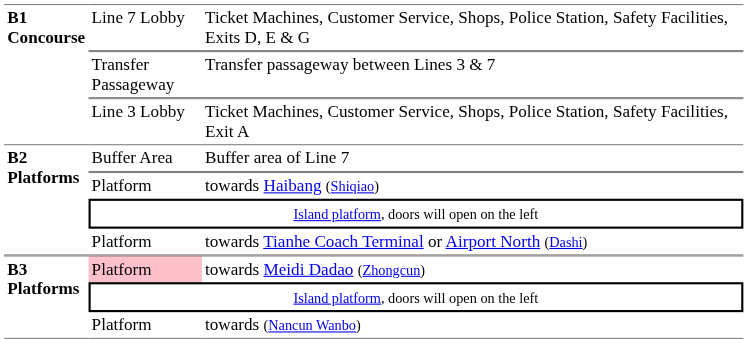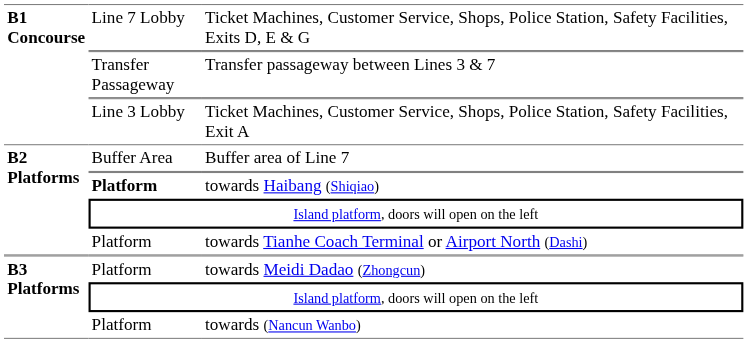 <table table border=0 cellspacing=0 cellpadding=3>
 <tr>
 <td style="border-bottom:solid 1px gray; border-top:solid 1px gray;" valign=top width=50 rowspan=3><strong>B1<br>Concourse</strong></td>
 <td style="border-bottom:solid 1px gray; border-top:solid 1px gray;" valign=top width=100>Line 7 Lobby</td>
 <td style="border-bottom:solid 1px gray; border-top:solid 1px gray;" valign=top width=500>Ticket Machines, Customer Service, Shops, Police Station, Safety Facilities, Exits D, E & G</td>
 </tr>
 <tr>
 <td style="border-bottom:solid 1px gray; border-top:solid 1px gray;" valign=top width=100>Transfer Passageway</td>
 <td style="border-bottom:solid 1px gray; border-top:solid 1px gray;" valign=top width=500>Transfer passageway between Lines 3 & 7</td>
 </tr>
 <tr>
 <td style="border-bottom:solid 1px gray; border-top:solid 1px gray;" valign=top width=100>Line 3 Lobby</td>
 <td style="border-bottom:solid 1px gray; border-top:solid 1px gray;" valign=top width=500>Ticket Machines, Customer Service, Shops, Police Station, Safety Facilities, Exit A</td>
 </tr>
 <tr>
 <td style="border-bottom:solid 1px gray;" valign=top width=50 rowspan=4><strong>B2<br>Platforms</strong></td>
 <td style="border-bottom:solid 1px gray;" valign=top width=100>Buffer Area</td>
 <td style="border-bottom:solid 1px gray;" valign=top width=500>Buffer area of Line 7</td>
 </tr>
 <tr>
-<td style="border-top:solid 1px gray;">Platform </td>
+<td style="border-top:solid 1px gray;"><strong>Platform </strong></td>
 <td style="border-top:solid 1px gray;">  towards <a href='#'>Haibang</a> <small>(<a href='#'>Shiqiao</a>)</small></td>
 </tr>
 <tr>
 <td style="border-right:solid 2px black;border-left:solid 2px black;border-top:solid 2px black;border-bottom:solid 2px black;text-align:center;" colspan=2><small><a href='#'>Island platform</a>, doors will open on the left</small></td>
 </tr>
 <tr>
 <td style="border-bottom:solid 1px gray;">Platform </td>
 <td style="border-bottom:solid 1px gray;"> towards <a href='#'>Tianhe Coach Terminal</a> or <a href='#'>Airport North</a> <small>(<a href='#'>Dashi</a>)</small> </td>
 </tr>
 <tr>
 <td style="border-bottom:solid 1px gray; border-top:solid 1px gray;" valign=top width=50 rowspan=3><strong>B3<br>Platforms</strong></td>
-<td style="background: pink; border-top:solid 1px gray;">Platform </td>
+<td style="border-top:solid 1px gray;">Platform </td>
 <td style="border-top:solid 1px gray;">  towards <a href='#'>Meidi Dadao</a> <small>(<a href='#'>Zhongcun</a>)</small></td>
 </tr>
 <tr>
 <td style="border-top:solid 2px black;border-right:solid 2px black;border-left:solid 2px black;border-bottom:solid 2px black;text-align:center;" colspan=2><small><a href='#'>Island platform</a>, doors will open on the left</small></td>
 </tr>
 <tr>
 <td style="border-bottom:solid 1px gray;">Platform </td>
 <td style="border-bottom:solid 1px gray;"> towards  <small>(<a href='#'>Nancun Wanbo</a>)</small> </td>
 </tr>
 </table>
